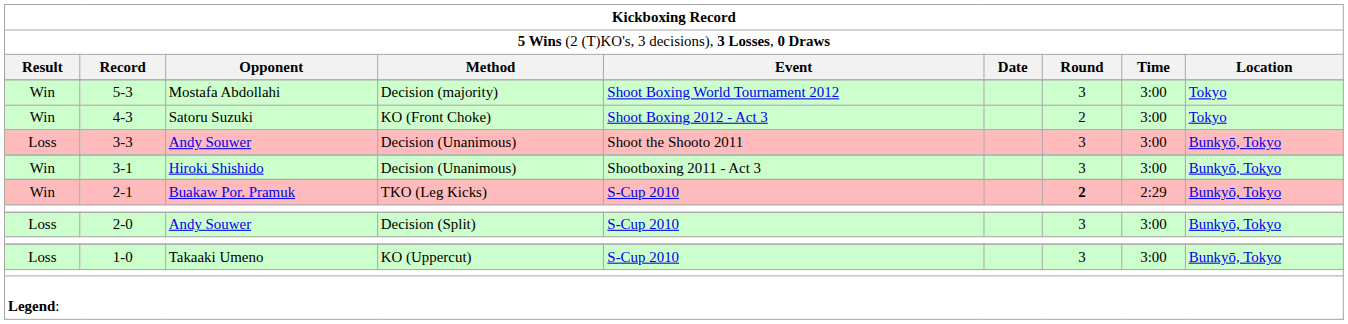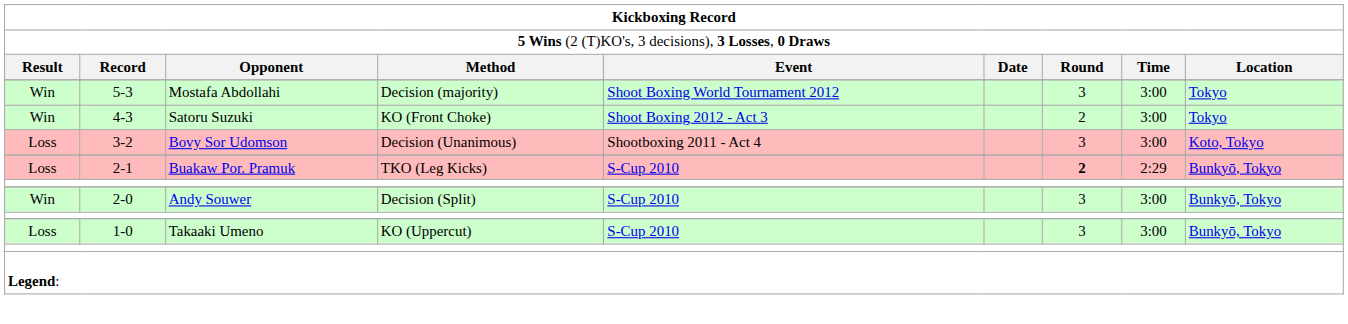 <table class="wikitable collapsible" style="font-size:88%; width:100%;">
 <tr>
 <th colspan=9 style="background:#fff">Kickboxing Record</th>
 </tr>
 <tr>
 <td colspan=9 style="background:#fff; text-align:center;"><strong>5 Wins</strong> (2 (T)KO's, 3 decisions), <strong>3 Losses</strong>, <strong>0 Draws</strong></td>
 </tr>
 <tr>
 <th>Result</th>
 <th>Record</th>
 <th>Opponent</th>
 <th>Method</th>
 <th>Event</th>
 <th>Date</th>
 <th>Round</th>
 <th>Time</th>
 <th>Location</th>
 </tr>
 <tr>
 </tr>
 <tr style="background:#CCFFCC">
 <td align='center'>Win</td>
 <td align='center'>5-3</td>
 <td> Mostafa Abdollahi</td>
 <td>Decision (majority)</td>
 <td><a href='#'>Shoot Boxing World Tournament 2012</a></td>
 <td></td>
 <td align='center'>3</td>
 <td align='center'>3:00</td>
 <td> <a href='#'>Tokyo</a></td>
 </tr>
 <tr style="background:#CCFFCC">
 <td align='center'>Win</td>
 <td align='center'>4-3</td>
 <td> Satoru Suzuki</td>
 <td>KO (Front Choke)</td>
 <td><a href='#'>Shoot Boxing 2012 - Act 3</a></td>
 <td></td>
 <td align='center'>2</td>
 <td align='center'>3:00</td>
 <td> <a href='#'>Tokyo</a></td>
 </tr>
 <tr style="background:#ffbbbb">
 <td align='center'>Loss</td>
-<td align='center'>3-3</td>
-<td> <a href='#'>Andy Souwer</a></td>
+<td align='center'>3-2</td>
+<td> <a href='#'>Bovy Sor Udomson</a></td>
 <td>Decision (Unanimous)</td>
-<td>Shoot the Shooto 2011</td>
+<td>Shootboxing 2011 - Act 4</td>
 <td></td>
 <td align='center'>3</td>
 <td align='center'>3:00</td>
-<td> <a href='#'>Bunkyō, Tokyo</a></td>
+<td> <a href='#'>Koto, Tokyo</a></td>
 </tr>
 <tr>
-</tr>
-<tr style="background:#CCFFCC">
-<td align='center'>Win</td>
-<td align='center'>3-1</td>
-<td> <a href='#'>Hiroki Shishido</a></td>
-<td>Decision (Unanimous)</td>
-<td>Shootboxing 2011 - Act 3</td>
-<td></td>
-<td align='center'>3</td>
-<td align='center'>3:00</td>
-<td> <a href='#'>Bunkyō, Tokyo</a></td>
 </tr>
 <tr>
 </tr>
 <tr style="background:#ffbbbb">
-<td align='center'>Win</td>
+<td align='center'>Loss</td>
 <td align='center'>2-1</td>
 <td> <a href='#'>Buakaw Por. Pramuk</a></td>
 <td>TKO (Leg Kicks)</td>
 <td><a href='#'>S-Cup 2010</a></td>
 <td></td>
 <td align='center'><strong>2</strong></td>
 <td align='center'>2:29</td>
 <td> <a href='#'>Bunkyō, Tokyo</a></td>
 </tr>
 <tr>
 <th style=background:white colspan=9></th>
 </tr>
 <tr>
 </tr>
 <tr style="background:#CCFFCC">
-<td align='center'>Loss</td>
+<td align='center'>Win</td>
 <td align='center'>2-0</td>
 <td> <a href='#'>Andy Souwer</a></td>
 <td>Decision (Split)</td>
 <td><a href='#'>S-Cup 2010</a></td>
 <td></td>
 <td align='center'>3</td>
 <td align='center'>3:00</td>
 <td> <a href='#'>Bunkyō, Tokyo</a></td>
 </tr>
 <tr>
 <th style=background:white colspan=9></th>
 </tr>
 <tr>
 </tr>
 <tr style="background:#CCFFCC">
 <td align='center'>Loss</td>
 <td align='center'>1-0</td>
 <td> Takaaki Umeno</td>
 <td>KO (Uppercut)</td>
 <td><a href='#'>S-Cup 2010</a></td>
 <td></td>
 <td align='center'>3</td>
 <td align='center'>3:00</td>
 <td> <a href='#'>Bunkyō, Tokyo</a></td>
 </tr>
 <tr>
 <th style=background:white colspan=9></th>
 </tr>
 <tr>
 <td colspan=9 style="background:#fff"><br><strong>Legend</strong>:    </td>
 </tr>
 </table>
